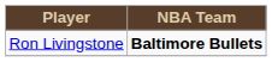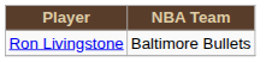 <table class="wikitable">
 <tr align="center">
 <th style="background:#593D2B;color:#DDCCA5;">Player</th>
 <th style="background:#593D2B;color:#DDCCA5;">NBA Team</th>
 </tr>
 <tr align="center" bgcolor="">
 <td><a href='#'>Ron Livingstone</a></td>
-<td><strong>Baltimore Bullets</strong></td>
+<td>Baltimore Bullets</td>
 </tr>
 <tr align="center" bgcolor="">
 </tr>
 </table>
